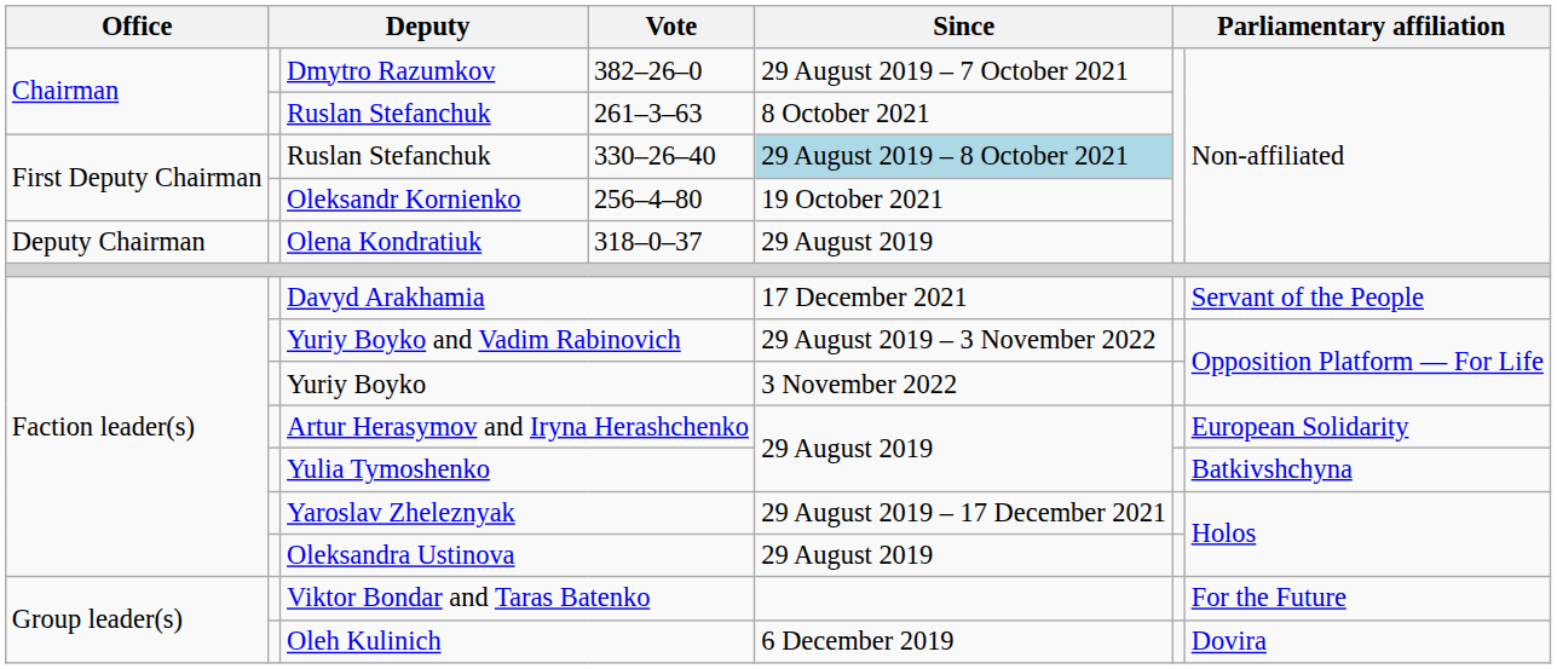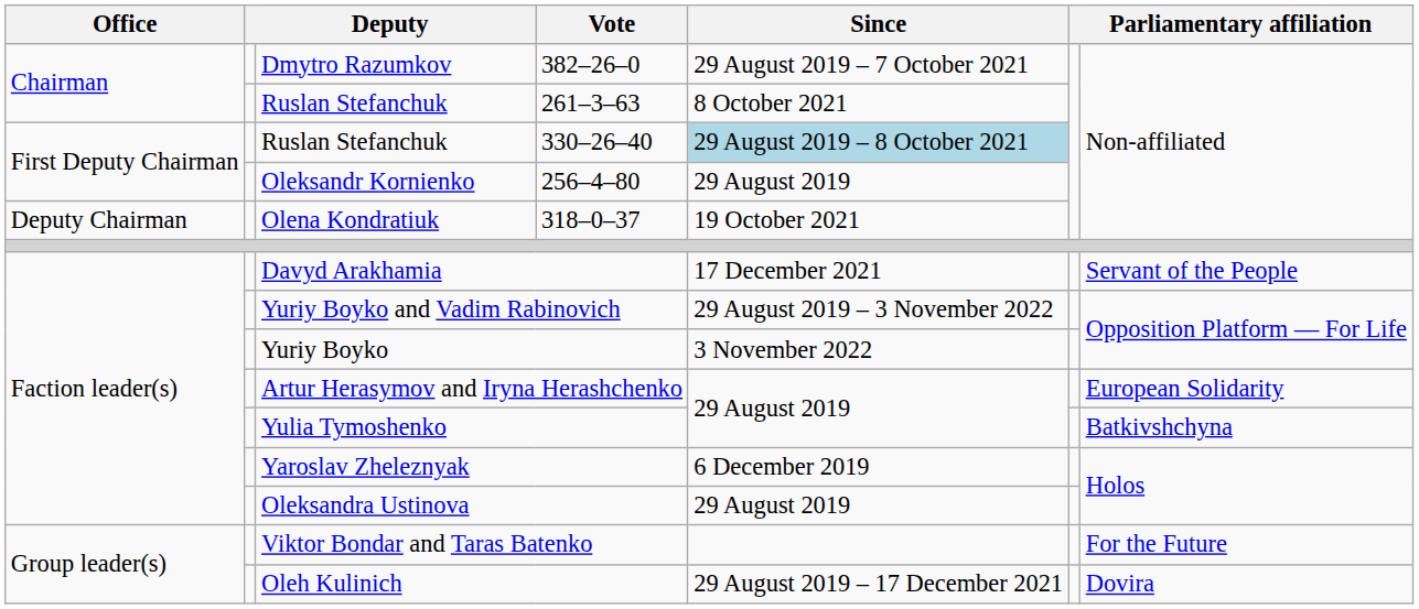 <table class=wikitable>
 <tr>
 <th>Office</th>
 <th colspan=2>Deputy</th>
 <th>Vote</th>
 <th>Since</th>
 <th colspan=2>Parliamentary affiliation</th>
 </tr>
 <tr>
 <td rowspan=2><a href='#'>Chairman</a></td>
 <td style="background-color:"></td>
 <td><a href='#'>Dmytro Razumkov</a></td>
 <td>382–26–0</td>
 <td>29 August 2019 – 7 October 2021</td>
 <td rowspan="5" style="background-color:"></td>
 <td rowspan="5">Non-affiliated</td>
 </tr>
 <tr>
 <td style="background-color:"></td>
 <td><a href='#'>Ruslan Stefanchuk</a></td>
 <td>261–3–63</td>
 <td>8 October 2021</td>
 </tr>
 <tr>
 <td rowspan=2>First Deputy Chairman</td>
 <td style="background-color:"></td>
 <td>Ruslan Stefanchuk</td>
 <td>330–26–40</td>
 <td style="background: lightblue;">29 August 2019 – 8 October 2021</td>
 </tr>
 <tr>
 <td style="background-color:"></td>
 <td><a href='#'>Oleksandr Kornienko</a></td>
 <td>256–4–80</td>
-<td>19 October 2021</td>
+<td>29 August 2019</td>
 </tr>
 <tr>
 <td>Deputy Chairman</td>
 <td style="background-color:"></td>
 <td><a href='#'>Olena Kondratiuk</a></td>
 <td>318–0–37</td>
-<td>29 August 2019</td>
+<td>19 October 2021</td>
 </tr>
 <tr>
 <td colspan=7; bgcolor="lightgrey"></td>
 </tr>
 <tr>
 <td rowspan="7">Faction leader(s)</td>
 <td style="background-color:"></td>
 <td colspan=2><a href='#'>Davyd Arakhamia</a></td>
 <td>17 December 2021</td>
 <td style="background-color:"></td>
 <td><a href='#'>Servant of the People</a></td>
 </tr>
 <tr>
 <td style="background-color:"></td>
 <td colspan=2><a href='#'>Yuriy Boyko</a> and <a href='#'>Vadim Rabinovich</a></td>
 <td>29 August 2019 – 3 November 2022</td>
 <td style="background-color:"></td>
 <td rowspan="2"><a href='#'>Opposition Platform — For Life</a></td>
 </tr>
 <tr>
 <td style="background-color:"></td>
 <td colspan=2>Yuriy Boyko</td>
 <td>3 November 2022</td>
 <td style="background-color:"></td>
 </tr>
 <tr>
 <td style="background-color:"></td>
 <td colspan=2><a href='#'>Artur Herasymov</a> and <a href='#'>Iryna Herashchenko</a></td>
 <td rowspan="2">29 August 2019</td>
 <td style="background-color:"></td>
 <td><a href='#'>European Solidarity</a></td>
 </tr>
 <tr>
 <td style="background-color:"></td>
 <td colspan=2><a href='#'>Yulia Tymoshenko</a></td>
 <td style="background-color:"></td>
 <td><a href='#'>Batkivshchyna</a></td>
 </tr>
 <tr>
 <td style="background-color:"></td>
 <td colspan=2><a href='#'>Yaroslav Zheleznyak</a></td>
-<td>29 August 2019 – 17 December 2021</td>
+<td rowspan=1>6 December 2019</td>
 <td style="background-color:"></td>
 <td rowspan="2"><a href='#'>Holos</a></td>
 </tr>
 <tr>
 <td style="background-color:"></td>
 <td colspan="2"><a href='#'>Oleksandra Ustinova</a></td>
 <td>29 August 2019</td>
 <td style="background-color:"></td>
 </tr>
 <tr>
 <td rowspan="2">Group leader(s)</td>
 <td style="background-color:"></td>
 <td colspan="2"><a href='#'>Viktor Bondar</a> and <a href='#'>Taras Batenko</a></td>
 <td></td>
 <td style="background-color:"></td>
 <td><a href='#'>For the Future</a></td>
 </tr>
 <tr>
 <td style="background-color:"></td>
 <td colspan=2><a href='#'>Oleh Kulinich</a></td>
-<td rowspan=1>6 December 2019</td>
+<td>29 August 2019 – 17 December 2021</td>
 <td style="background-color:"></td>
 <td><a href='#'>Dovira</a></td>
 </tr>
 </table>
